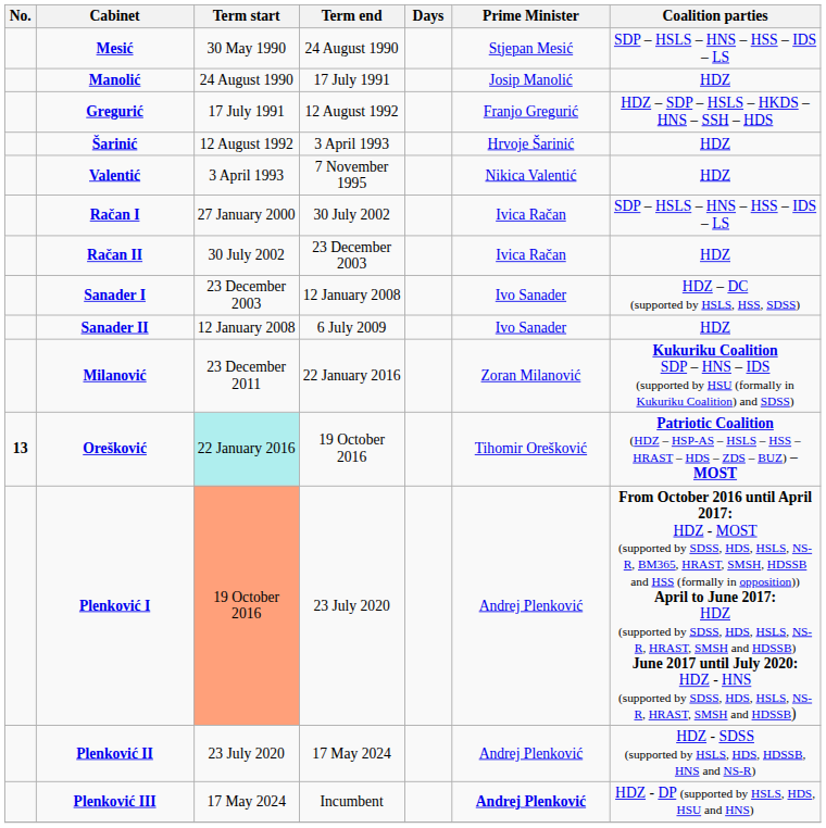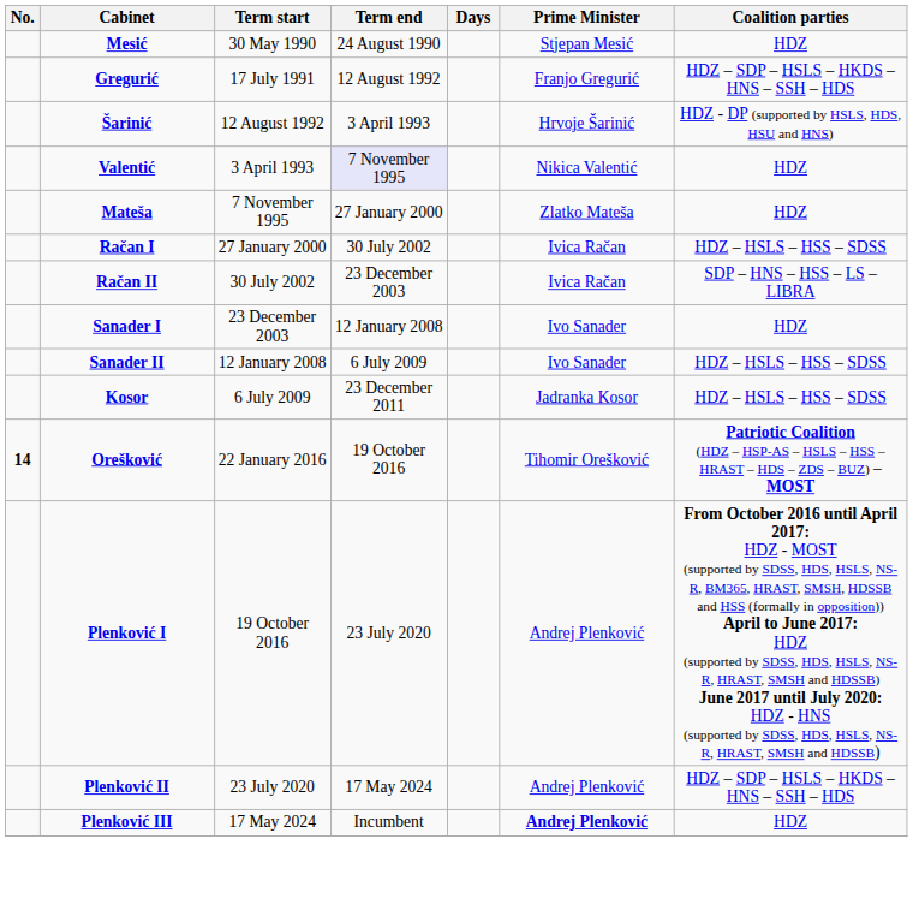 <table class="wikitable" style="text-align:center" width="100%">
 <tr>
 <th width=1%>No.</th>
 <th width=15%>Cabinet</th>
 <th width=10%>Term start</th>
 <th width=10%>Term end</th>
 <th width=4%>Days</th>
 <th width=15%>Prime Minister</th>
 <th width=20%>Coalition parties</th>
 </tr>
 <tr>
 <td width=5px style="background-color: "></td>
 <td><a href='#'><strong>Mesić</strong></a></td>
 <td>30 May 1990</td>
 <td>24 August 1990</td>
 <td></td>
 <td><a href='#'>Stjepan Mesić</a></td>
-<td><a href='#'>SDP</a> – <a href='#'>HSLS</a> – <a href='#'>HNS</a> – <a href='#'>HSS</a> – <a href='#'>IDS</a> – <a href='#'>LS</a></td>
-</tr>
-<tr>
-<td width=5px style="background-color: "></td>
-<td><a href='#'><strong>Manolić</strong></a></td>
-<td>24 August 1990</td>
-<td>17 July 1991</td>
-<td></td>
-<td><a href='#'>Josip Manolić</a></td>
 <td><a href='#'>HDZ</a></td>
 </tr>
 <tr>
 <td width=5px style="background-color: "></td>
 <td><a href='#'><strong>Gregurić</strong></a></td>
 <td>17 July 1991</td>
 <td>12 August 1992</td>
 <td></td>
 <td><a href='#'>Franjo Gregurić</a></td>
 <td><a href='#'>HDZ</a> – <a href='#'>SDP</a> – <a href='#'>HSLS</a> – <a href='#'>HKDS</a> – <a href='#'>HNS</a> – <a href='#'>SSH</a> – <a href='#'>HDS</a></td>
 </tr>
 <tr>
 <td width=5px style="background-color: "></td>
 <td><a href='#'><strong>Šarinić</strong></a></td>
 <td>12 August 1992</td>
 <td>3 April 1993</td>
 <td></td>
 <td><a href='#'>Hrvoje Šarinić</a></td>
-<td><a href='#'>HDZ</a></td>
+<td><a href='#'>HDZ</a> - <a href='#'>DP</a> <small>(supported by <a href='#'>HSLS</a>, <a href='#'>HDS</a>, <a href='#'>HSU</a> and <a href='#'>HNS</a>)</small></td>
 </tr>
 <tr>
 <td width=5px style="background-color: "></td>
 <td><a href='#'><strong>Valentić</strong></a></td>
 <td>3 April 1993</td>
-<td>7 November 1995</td>
+<td style="background: lavender;">7 November 1995</td>
 <td></td>
 <td><a href='#'>Nikica Valentić</a></td>
+<td><a href='#'>HDZ</a></td>
+</tr>
+<tr>
+<td width=5px style="background-color: "></td>
+<td><a href='#'><strong>Mateša</strong></a></td>
+<td>7 November 1995</td>
+<td>27 January 2000</td>
+<td></td>
+<td><a href='#'>Zlatko Mateša</a></td>
 <td><a href='#'>HDZ</a></td>
 </tr>
 <tr>
 <td width=5px style="background-color: "></td>
 <td><a href='#'><strong>Račan I</strong></a></td>
 <td>27 January 2000</td>
 <td>30 July 2002</td>
 <td></td>
 <td><a href='#'>Ivica Račan</a></td>
-<td><a href='#'>SDP</a> – <a href='#'>HSLS</a> – <a href='#'>HNS</a> – <a href='#'>HSS</a> – <a href='#'>IDS</a> – <a href='#'>LS</a></td>
+<td><a href='#'>HDZ</a> – <a href='#'>HSLS</a> – <a href='#'>HSS</a> – <a href='#'>SDSS</a></td>
 </tr>
 <tr>
 <td width=5px style="background-color: "></td>
 <td><a href='#'><strong>Račan II</strong></a></td>
 <td>30 July 2002</td>
 <td>23 December 2003</td>
 <td></td>
 <td><a href='#'>Ivica Račan</a></td>
-<td><a href='#'>HDZ</a></td>
+<td><a href='#'>SDP</a> – <a href='#'>HNS</a> – <a href='#'>HSS</a> – <a href='#'>LS</a> – <a href='#'>LIBRA</a></td>
 </tr>
 <tr>
 <td width=5px style="background-color: "></td>
 <td><a href='#'><strong>Sanader I</strong></a></td>
 <td>23 December 2003</td>
 <td>12 January 2008</td>
 <td></td>
 <td><a href='#'>Ivo Sanader</a></td>
-<td><a href='#'>HDZ</a> – <a href='#'>DC</a><br><small>(supported by <a href='#'>HSLS</a>, <a href='#'>HSS</a>, <a href='#'>SDSS</a>)</small></td>
+<td><a href='#'>HDZ</a></td>
 </tr>
 <tr>
 <td width=5px style="background-color: "></td>
 <td><a href='#'><strong>Sanader II</strong></a></td>
 <td>12 January 2008</td>
 <td>6 July 2009</td>
 <td></td>
 <td><a href='#'>Ivo Sanader</a></td>
-<td><a href='#'>HDZ</a></td>
+<td><a href='#'>HDZ</a> – <a href='#'>HSLS</a> – <a href='#'>HSS</a> – <a href='#'>SDSS</a></td>
 </tr>
 <tr>
 <td width=5px style="background-color: "></td>
-<td><a href='#'><strong>Milanović</strong></a></td>
+<td><a href='#'><strong>Kosor</strong></a></td>
+<td>6 July 2009</td>
 <td>23 December 2011</td>
-<td>22 January 2016</td>
 <td></td>
-<td><a href='#'>Zoran Milanović</a></td>
-<td><a href='#'><strong>Kukuriku Coalition</strong></a> <br><a href='#'>SDP</a> – <a href='#'>HNS</a> – <a href='#'>IDS</a><br><small>(supported by <a href='#'>HSU</a> (formally in <a href='#'>Kukuriku Coalition</a>) and <a href='#'>SDSS</a>)</small></td>
+<td><a href='#'>Jadranka Kosor</a></td>
+<td><a href='#'>HDZ</a> – <a href='#'>HSLS</a> – <a href='#'>HSS</a> – <a href='#'>SDSS</a></td>
 </tr>
 <tr>
-<td width=5px style="background-color: "><strong>13</strong></td>
+<td width=5px style="background-color: "><strong>14</strong></td>
 <td><a href='#'><strong>Orešković</strong></a></td>
-<td style="background: paleturquoise;">22 January 2016</td>
+<td>22 January 2016</td>
 <td>19 October 2016</td>
 <td></td>
 <td><a href='#'>Tihomir Orešković</a></td>
 <td><strong><a href='#'>Patriotic Coalition</a></strong><br><small>(<a href='#'>HDZ</a> – <a href='#'>HSP-AS</a> – <a href='#'>HSLS</a> – <a href='#'>HSS</a> – <a href='#'>HRAST</a> – <a href='#'>HDS</a> – <a href='#'>ZDS</a> – <a href='#'>BUZ</a>)</small> – <strong><a href='#'>MOST</a></strong></td>
 </tr>
 <tr>
 <td width=5px style="background-color: "></td>
 <td><a href='#'><strong>Plenković I</strong></a></td>
-<td style="background: lightsalmon;">19 October 2016</td>
+<td>19 October 2016</td>
 <td>23 July 2020</td>
 <td></td>
 <td><a href='#'>Andrej Plenković</a></td>
 <td><strong>From October 2016 until April 2017:</strong><br><a href='#'>HDZ</a> - <a href='#'>MOST</a><br><small>(supported by <a href='#'>SDSS</a>, <a href='#'>HDS</a>, <a href='#'>HSLS</a>, <a href='#'>NS-R</a>, <a href='#'>BM365</a>, <a href='#'>HRAST</a>, <a href='#'>SMSH</a>, <a href='#'>HDSSB</a> and <a href='#'>HSS</a> (formally in <a href='#'>opposition</a>))</small><br><strong>April to June 2017:</strong><br><a href='#'>HDZ</a><br><small>(supported by <a href='#'>SDSS</a>, <a href='#'>HDS</a>, <a href='#'>HSLS</a>, <a href='#'>NS-R</a>, <a href='#'>HRAST</a>, <a href='#'>SMSH</a> and <a href='#'>HDSSB</a>)</small><br><strong>June 2017 until July 2020:</strong><br><a href='#'>HDZ</a> - <a href='#'>HNS</a><br><small>(supported by <a href='#'>SDSS</a>, <a href='#'>HDS</a>, <a href='#'>HSLS</a>, <a href='#'>NS-R</a>, <a href='#'>HRAST</a>, <a href='#'>SMSH</a> and <a href='#'>HDSSB</a></small>)</td>
 </tr>
 <tr>
 <td width=5px style="background-color: "></td>
 <td><a href='#'><strong>Plenković II</strong></a></td>
 <td>23 July 2020</td>
 <td>17 May 2024</td>
 <td></td>
 <td><a href='#'>Andrej Plenković</a></td>
-<td><a href='#'>HDZ</a> - <a href='#'>SDSS</a><br><small>(supported by <a href='#'>HSLS</a>, <a href='#'>HDS</a>, <a href='#'>HDSSB</a>, <a href='#'>HNS</a> and <a href='#'>NS-R</a>)</small></td>
+<td><a href='#'>HDZ</a> – <a href='#'>SDP</a> – <a href='#'>HSLS</a> – <a href='#'>HKDS</a> – <a href='#'>HNS</a> – <a href='#'>SSH</a> – <a href='#'>HDS</a></td>
 </tr>
 <tr>
 <td width=5px style="background-color: "></td>
 <td><a href='#'><strong>Plenković III</strong></a></td>
 <td>17 May 2024</td>
 <td>Incumbent</td>
 <td></td>
 <td><strong><a href='#'>Andrej Plenković</a></strong></td>
-<td><a href='#'>HDZ</a> - <a href='#'>DP</a> <small>(supported by <a href='#'>HSLS</a>, <a href='#'>HDS</a>, <a href='#'>HSU</a> and <a href='#'>HNS</a>)</small></td>
+<td><a href='#'>HDZ</a></td>
 </tr>
 <tr>
 </tr>
 </table>
